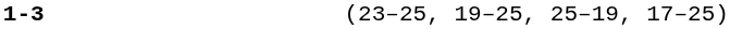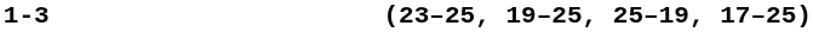 <table width=100% cellspacing=1>
 <tr>
 <th width=20%></th>
 <th width=12%></th>
 <th width=20%></th>
 <th width=33%></th>
 <td></td>
 </tr>
 <tr style=font-size:90%>
 <td align=right></td>
 <td align=center><strong>1-3</strong></td>
 <td></td>
-<td>(23–25, 19–25, 25–19, 17–25)</td>
+<td><strong>(23–25, 19–25, 25–19, 17–25)</strong></td>
 </tr>
 </table>
